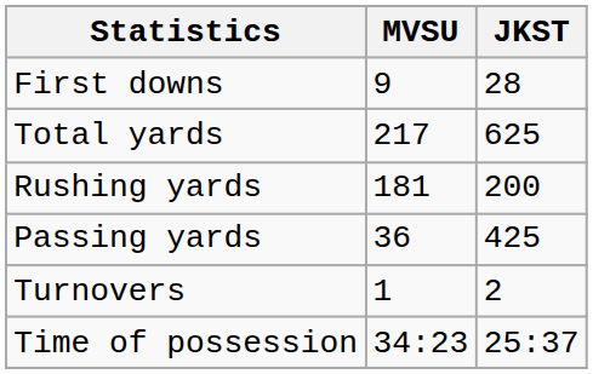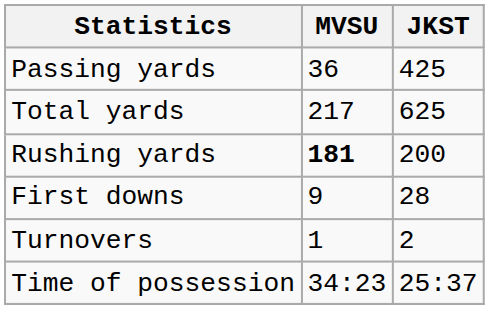 <table class="wikitable">
 <tr>
 <th>Statistics</th>
 <th>MVSU</th>
 <th>JKST</th>
 </tr>
 <tr>
-<td>First downs</td>
-<td>9</td>
-<td>28</td>
+<td>Passing yards</td>
+<td>36</td>
+<td>425</td>
 </tr>
 <tr>
 <td>Total yards</td>
 <td>217</td>
 <td>625</td>
 </tr>
 <tr>
 <td>Rushing yards</td>
-<td>181</td>
+<td><strong>181</strong></td>
 <td>200</td>
 </tr>
 <tr>
-<td>Passing yards</td>
-<td>36</td>
-<td>425</td>
+<td>First downs</td>
+<td>9</td>
+<td>28</td>
 </tr>
 <tr>
 <td>Turnovers</td>
 <td>1</td>
 <td>2</td>
 </tr>
 <tr>
 <td>Time of possession</td>
 <td>34:23</td>
 <td>25:37</td>
 </tr>
 <tr>
 </tr>
 </table>
